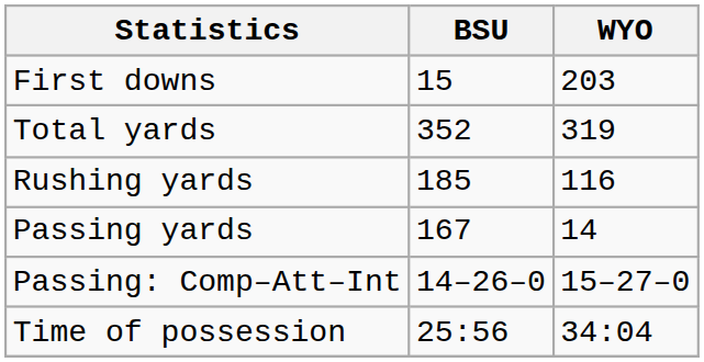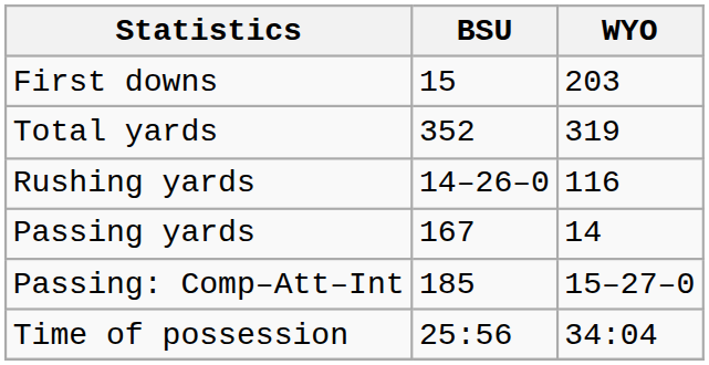 <table class="wikitable" style="float: left;">
 <tr>
 <th>Statistics</th>
 <th>BSU</th>
 <th>WYO</th>
 </tr>
 <tr>
 <td>First downs</td>
 <td>15</td>
 <td>203</td>
 </tr>
 <tr>
 <td>Total yards</td>
 <td>352</td>
 <td>319</td>
 </tr>
 <tr>
 <td>Rushing yards</td>
-<td>185</td>
+<td>14–26–0</td>
 <td>116</td>
 </tr>
 <tr>
 <td>Passing yards</td>
 <td>167</td>
 <td>14</td>
 </tr>
 <tr>
 <td>Passing: Comp–Att–Int</td>
-<td>14–26–0</td>
+<td>185</td>
 <td>15–27–0</td>
 </tr>
 <tr>
 <td>Time of possession</td>
 <td>25:56</td>
 <td>34:04</td>
 </tr>
 <tr>
 </tr>
 </table>
